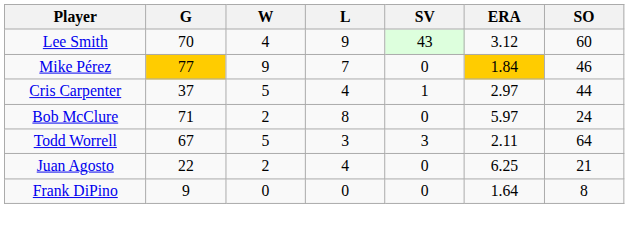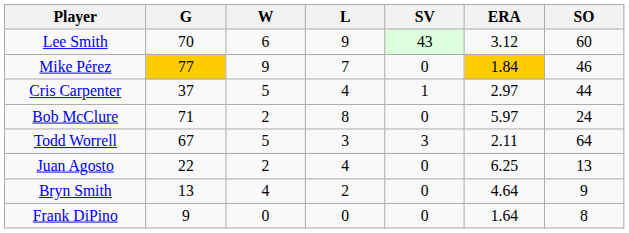 <table class="wikitable sortable">
 <tr>
 <th bgcolor="#DDDDFF" width="16%">Player</th>
 <th bgcolor="#DDDDFF" width="9%">G</th>
 <th bgcolor="#DDDDFF" width="9%">W</th>
 <th bgcolor="#DDDDFF" width="9%">L</th>
 <th bgcolor="#DDDDFF" width="9%">SV</th>
 <th bgcolor="#DDDDFF" width="9%">ERA</th>
 <th bgcolor="#DDDDFF" width="9%">SO</th>
 </tr>
 <tr align="center">
 <td><a href='#'>Lee Smith</a></td>
 <td>70</td>
-<td>4</td>
+<td>6</td>
 <td>9</td>
 <td style="background:#DDFFDD;">43</td>
 <td>3.12</td>
 <td>60</td>
 </tr>
 <tr align=center>
 <td><a href='#'>Mike Pérez</a></td>
 <td style="background:#fc0;">77</td>
 <td>9</td>
 <td>7</td>
 <td>0</td>
 <td style="background:#fc0;">1.84</td>
 <td>46</td>
 </tr>
 <tr align="center">
 <td><a href='#'>Cris Carpenter</a></td>
 <td>37</td>
 <td>5</td>
 <td>4</td>
 <td>1</td>
 <td>2.97</td>
 <td>44</td>
 </tr>
 <tr align="center">
 <td><a href='#'>Bob McClure</a></td>
 <td>71</td>
 <td>2</td>
 <td>8</td>
 <td>0</td>
 <td>5.97</td>
 <td>24</td>
 </tr>
 <tr align="center">
 <td><a href='#'>Todd Worrell</a></td>
 <td>67</td>
 <td>5</td>
 <td>3</td>
 <td>3</td>
 <td>2.11</td>
 <td>64</td>
 </tr>
 <tr align="center">
 <td><a href='#'>Juan Agosto</a></td>
 <td>22</td>
 <td>2</td>
 <td>4</td>
 <td>0</td>
 <td>6.25</td>
-<td>21</td>
+<td>13</td>
+</tr>
+<tr align="center">
+<td><a href='#'>Bryn Smith</a></td>
+<td>13</td>
+<td>4</td>
+<td>2</td>
+<td>0</td>
+<td>4.64</td>
+<td>9</td>
 </tr>
 <tr align="center">
 <td><a href='#'>Frank DiPino</a></td>
 <td>9</td>
 <td>0</td>
 <td>0</td>
 <td>0</td>
 <td>1.64</td>
 <td>8</td>
 </tr>
 </table>
